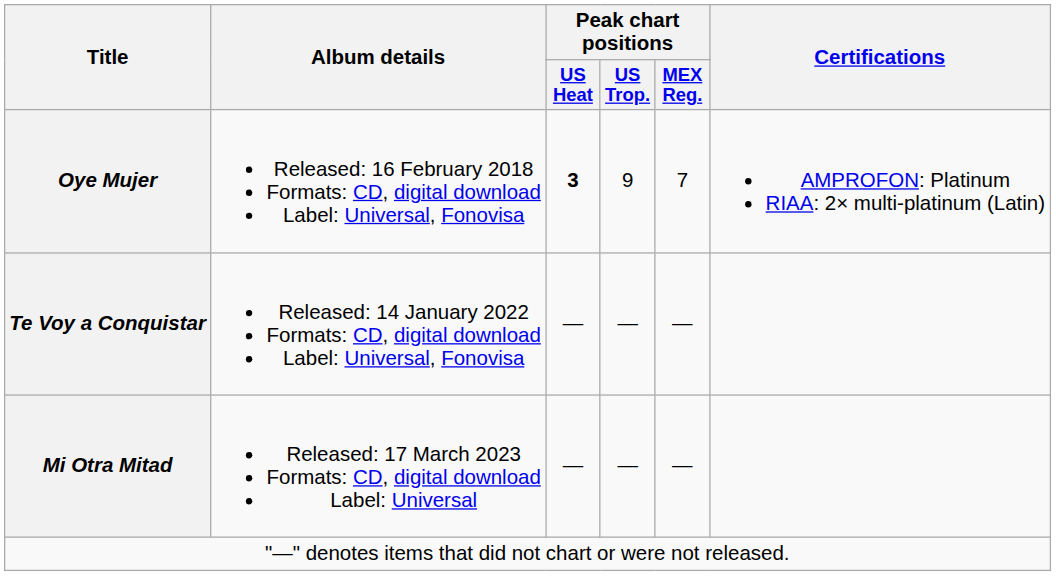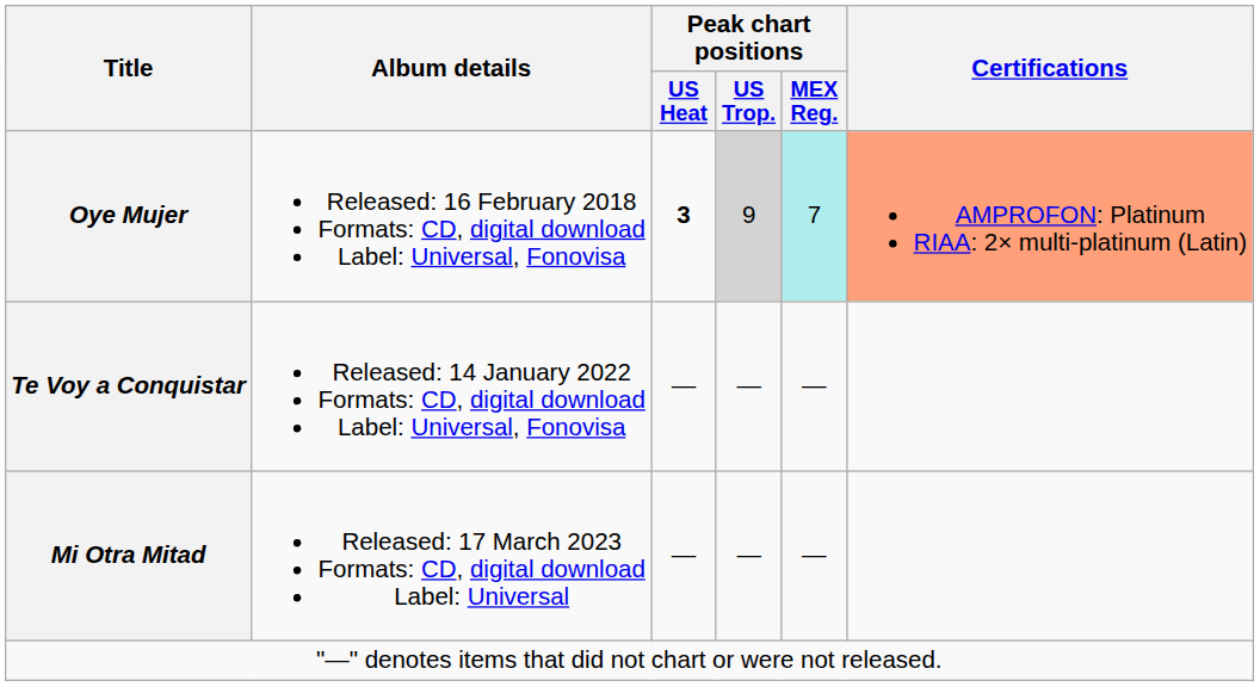 <table class="wikitable plainrowheaders" style="text-align:center;">
 <tr>
 <th scope="col" rowspan="2">Title</th>
 <th scope="col" rowspan="2">Album details</th>
 <th scope="col" colspan="3">Peak chart positions</th>
 <th scope="col" rowspan="2"><a href='#'>Certifications</a></th>
 </tr>
 <tr>
 <th scope="col" style="width:2.5em;font-size:90%;"><a href='#'>US<br>Heat</a><br></th>
 <th scope="col" style="width:2.5em;font-size:90%;"><a href='#'>US<br>Trop.</a><br></th>
 <th scope="col" style="width:2.5em;font-size:90%;"><a href='#'>MEX<br>Reg.</a><br></th>
 </tr>
 <tr>
 <th scope="row" align="center"><em>Oye Mujer</em></th>
 <td><br><ul><li>Released: 16 February 2018</li><li>Formats: <a href='#'>CD</a>, <a href='#'>digital download</a></li><li>Label: <a href='#'>Universal</a>, <a href='#'>Fonovisa</a></li></ul></td>
 <td><strong>3</strong></td>
-<td>9</td>
-<td>7</td>
-<td><br><ul><li><a href='#'>AMPROFON</a>: Platinum</li><li><a href='#'>RIAA</a>: 2× multi-platinum (Latin)</li></ul></td>
+<td style="background: lightgrey;">9</td>
+<td style="background: paleturquoise;">7</td>
+<td style="background: lightsalmon;"><br><ul><li><a href='#'>AMPROFON</a>: Platinum</li><li><a href='#'>RIAA</a>: 2× multi-platinum (Latin)</li></ul></td>
 </tr>
 <tr>
 <th scope="row" align="center"><em>Te Voy a Conquistar</em></th>
 <td><br><ul><li>Released: 14 January 2022</li><li>Formats: <a href='#'>CD</a>, <a href='#'>digital download</a></li><li>Label: <a href='#'>Universal</a>, <a href='#'>Fonovisa</a></li></ul></td>
 <td>—</td>
 <td>—</td>
 <td>—</td>
 <td></td>
 </tr>
 <tr>
 <th scope="row" align="center"><em>Mi Otra Mitad</em></th>
 <td><br><ul><li>Released: 17 March 2023</li><li>Formats: <a href='#'>CD</a>, <a href='#'>digital download</a></li><li>Label: <a href='#'>Universal</a></li></ul></td>
 <td>—</td>
 <td>—</td>
 <td>—</td>
 <td></td>
 </tr>
 <tr>
 <td colspan="7" style="text-align:center;">"—" denotes items that did not chart or were not released.</td>
 </tr>
 </table>
